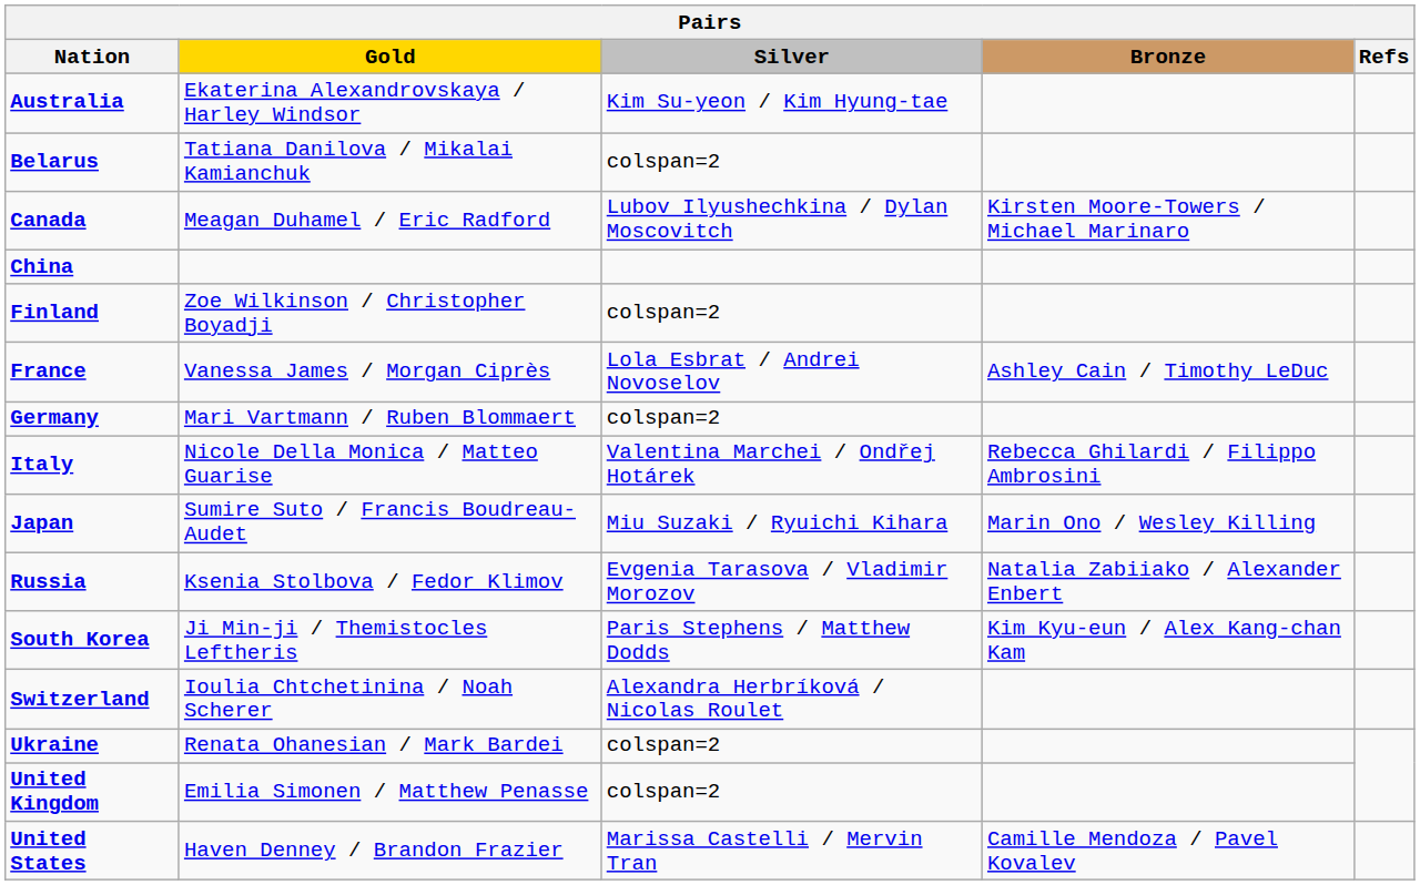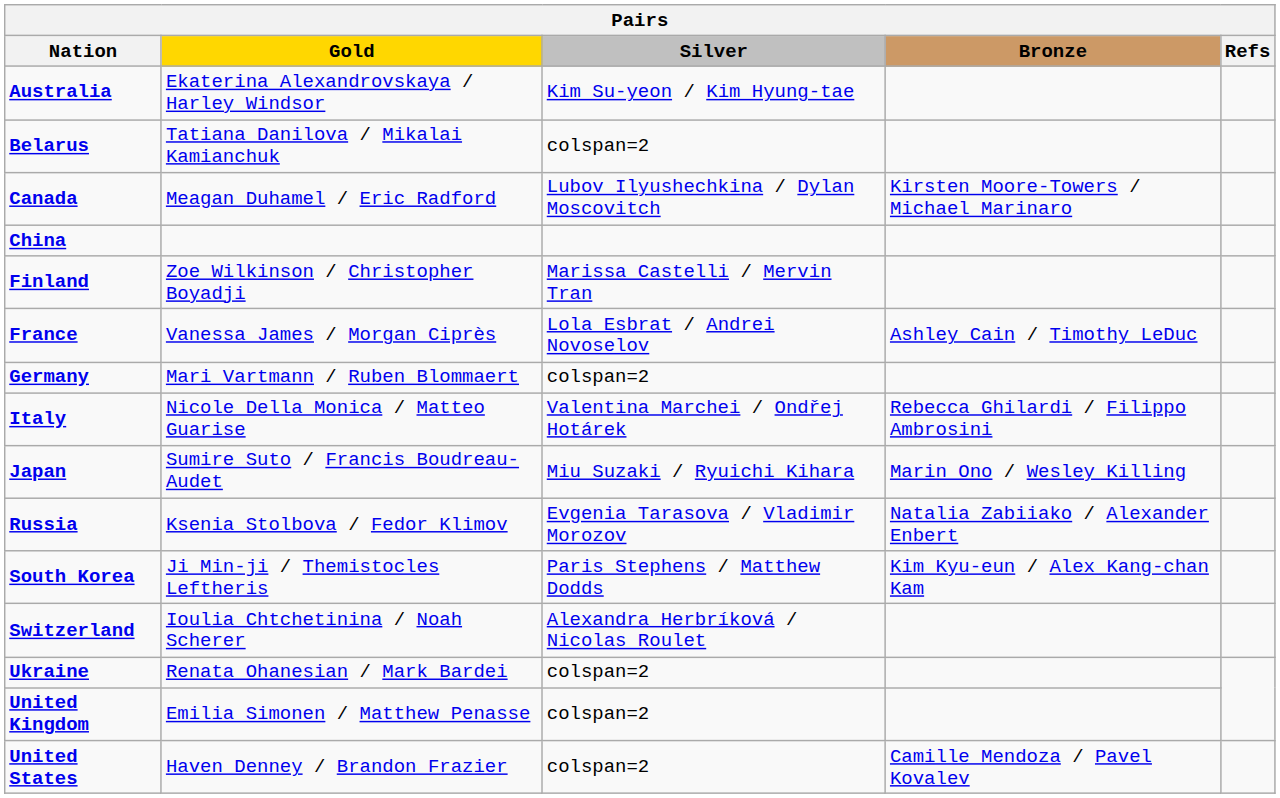 <table class="wikitable">
 <tr>
 <th colspan=5>Pairs</th>
 </tr>
 <tr>
 <th>Nation</th>
 <td style="text-align:center; background:gold;"><strong>Gold</strong></td>
 <td style="text-align:center; background:silver;"><strong>Silver</strong></td>
 <td style="text-align:center; background:#c96;"><strong>Bronze</strong></td>
 <th>Refs</th>
 </tr>
 <tr>
 <td><strong><a href='#'>Australia</a></strong></td>
 <td><a href='#'>Ekaterina Alexandrovskaya</a> / <a href='#'>Harley Windsor</a></td>
 <td><a href='#'>Kim Su-yeon</a> / <a href='#'>Kim Hyung-tae</a></td>
 <td></td>
 <td></td>
 </tr>
 <tr>
 <td><strong><a href='#'>Belarus</a></strong></td>
 <td><a href='#'>Tatiana Danilova</a> / <a href='#'>Mikalai Kamianchuk</a></td>
 <td>colspan=2 </td>
 <td></td>
 </tr>
 <tr>
 <td><strong><a href='#'>Canada</a></strong></td>
 <td><a href='#'>Meagan Duhamel</a> / <a href='#'>Eric Radford</a></td>
 <td><a href='#'>Lubov Ilyushechkina</a> / <a href='#'>Dylan Moscovitch</a></td>
 <td><a href='#'>Kirsten Moore-Towers</a> / <a href='#'>Michael Marinaro</a></td>
 <td></td>
 </tr>
 <tr>
 <td><strong><a href='#'>China</a></strong></td>
 <td></td>
 <td></td>
 <td></td>
 <td></td>
 </tr>
 <tr>
 <td><strong><a href='#'>Finland</a></strong></td>
 <td><a href='#'>Zoe Wilkinson</a> / <a href='#'>Christopher Boyadji</a></td>
-<td>colspan=2 </td>
+<td><a href='#'>Marissa Castelli</a> / <a href='#'>Mervin Tran</a></td>
 <td></td>
 </tr>
 <tr>
 <td><strong><a href='#'>France</a></strong></td>
 <td><a href='#'>Vanessa James</a> / <a href='#'>Morgan Ciprès</a></td>
 <td><a href='#'>Lola Esbrat</a> / <a href='#'>Andrei Novoselov</a></td>
 <td><a href='#'>Ashley Cain</a> / <a href='#'>Timothy LeDuc</a></td>
 <td></td>
 </tr>
 <tr>
 <td><strong><a href='#'>Germany</a></strong></td>
 <td><a href='#'>Mari Vartmann</a> / <a href='#'>Ruben Blommaert</a></td>
 <td>colspan=2 </td>
 <td></td>
 </tr>
 <tr>
 <td><strong><a href='#'>Italy</a></strong></td>
 <td><a href='#'>Nicole Della Monica</a> / <a href='#'>Matteo Guarise</a></td>
 <td><a href='#'>Valentina Marchei</a> / <a href='#'>Ondřej Hotárek</a></td>
 <td><a href='#'>Rebecca Ghilardi</a> / <a href='#'>Filippo Ambrosini</a></td>
 <td></td>
 </tr>
 <tr>
 <td><strong><a href='#'>Japan</a></strong></td>
 <td><a href='#'>Sumire Suto</a> / <a href='#'>Francis Boudreau-Audet</a></td>
 <td><a href='#'>Miu Suzaki</a> / <a href='#'>Ryuichi Kihara</a></td>
 <td><a href='#'>Marin Ono</a> / <a href='#'>Wesley Killing</a></td>
 <td></td>
 </tr>
 <tr>
 <td><strong><a href='#'>Russia</a></strong></td>
 <td><a href='#'>Ksenia Stolbova</a> / <a href='#'>Fedor Klimov</a></td>
 <td><a href='#'>Evgenia Tarasova</a> / <a href='#'>Vladimir Morozov</a></td>
 <td><a href='#'>Natalia Zabiiako</a> / <a href='#'>Alexander Enbert</a></td>
 <td></td>
 </tr>
 <tr>
 <td><strong><a href='#'>South Korea</a></strong></td>
 <td><a href='#'>Ji Min-ji</a> / <a href='#'>Themistocles Leftheris</a></td>
 <td><a href='#'>Paris Stephens</a> / <a href='#'>Matthew Dodds</a></td>
 <td><a href='#'>Kim Kyu-eun</a> / <a href='#'>Alex Kang-chan Kam</a></td>
 <td></td>
 </tr>
 <tr>
 <td><strong><a href='#'>Switzerland</a></strong></td>
 <td><a href='#'>Ioulia Chtchetinina</a> / <a href='#'>Noah Scherer</a></td>
 <td><a href='#'>Alexandra Herbríková</a> / <a href='#'>Nicolas Roulet</a></td>
 <td></td>
 <td></td>
 </tr>
 <tr>
 <td><strong><a href='#'>Ukraine</a></strong></td>
 <td><a href='#'>Renata Ohanesian</a> / <a href='#'>Mark Bardei</a></td>
 <td>colspan=2 </td>
 <td></td>
 </tr>
 <tr>
 <td><strong><a href='#'>United Kingdom</a></strong></td>
 <td><a href='#'>Emilia Simonen</a> / <a href='#'>Matthew Penasse</a></td>
 <td>colspan=2 </td>
 <td></td>
 </tr>
 <tr>
 <td><strong><a href='#'>United States</a></strong></td>
 <td><a href='#'>Haven Denney</a> / <a href='#'>Brandon Frazier</a></td>
-<td><a href='#'>Marissa Castelli</a> / <a href='#'>Mervin Tran</a></td>
+<td>colspan=2 </td>
 <td><a href='#'>Camille Mendoza</a> / <a href='#'>Pavel Kovalev</a></td>
 <td></td>
 </tr>
 </table>
